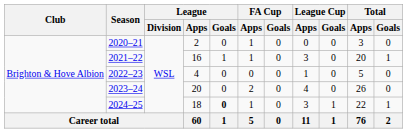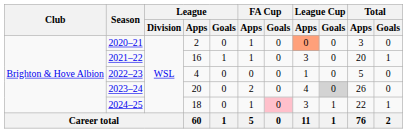 <table class="wikitable" style="text-align:center">
 <tr>
 <th rowspan="2">Club</th>
 <th rowspan="2">Season</th>
 <th colspan="3">League</th>
 <th colspan="2">FA Cup</th>
 <th colspan="2">League Cup</th>
 <th colspan="2">Total</th>
 </tr>
 <tr>
 <th>Division</th>
 <th>Apps</th>
 <th>Goals</th>
 <th>Apps</th>
 <th>Goals</th>
 <th>Apps</th>
 <th>Goals</th>
 <th>Apps</th>
 <th>Goals</th>
 </tr>
 <tr>
 <td rowspan="5"><a href='#'>Brighton & Hove Albion</a></td>
 <td><a href='#'>2020–21</a></td>
 <td rowspan="5"><a href='#'>WSL</a></td>
 <td>2</td>
 <td>0</td>
 <td>1</td>
 <td>0</td>
-<td>0</td>
+<td style="background: lightsalmon;">0</td>
 <td>0</td>
 <td>3</td>
 <td>0</td>
 </tr>
 <tr>
 <td><a href='#'>2021–22</a></td>
 <td>16</td>
 <td>1</td>
 <td>1</td>
 <td>0</td>
 <td>3</td>
 <td>0</td>
 <td>20</td>
 <td>1</td>
 </tr>
 <tr>
 <td><a href='#'>2022–23</a></td>
 <td>4</td>
 <td>0</td>
 <td>0</td>
 <td>0</td>
 <td>1</td>
 <td>0</td>
 <td>5</td>
 <td>0</td>
 </tr>
 <tr>
 <td><a href='#'>2023–24</a></td>
 <td>20</td>
 <td>0</td>
 <td>2</td>
 <td>0</td>
 <td>4</td>
-<td>0</td>
+<td style="background: lightgrey;">0</td>
 <td>26</td>
 <td>0</td>
 </tr>
 <tr>
 <td><a href='#'>2024–25</a></td>
 <td>18</td>
-<td><strong>0</strong></td>
+<td>0</td>
 <td>1</td>
-<td>0</td>
+<td style="background: pink;">0</td>
 <td>3</td>
 <td>1</td>
 <td>22</td>
 <td>1</td>
 </tr>
 <tr>
 <th colspan="3">Career total</th>
 <th>60</th>
 <th>1</th>
 <th>5</th>
 <th>0</th>
 <th>11</th>
 <th>1</th>
 <th>76</th>
 <th>2</th>
 </tr>
 </table>
